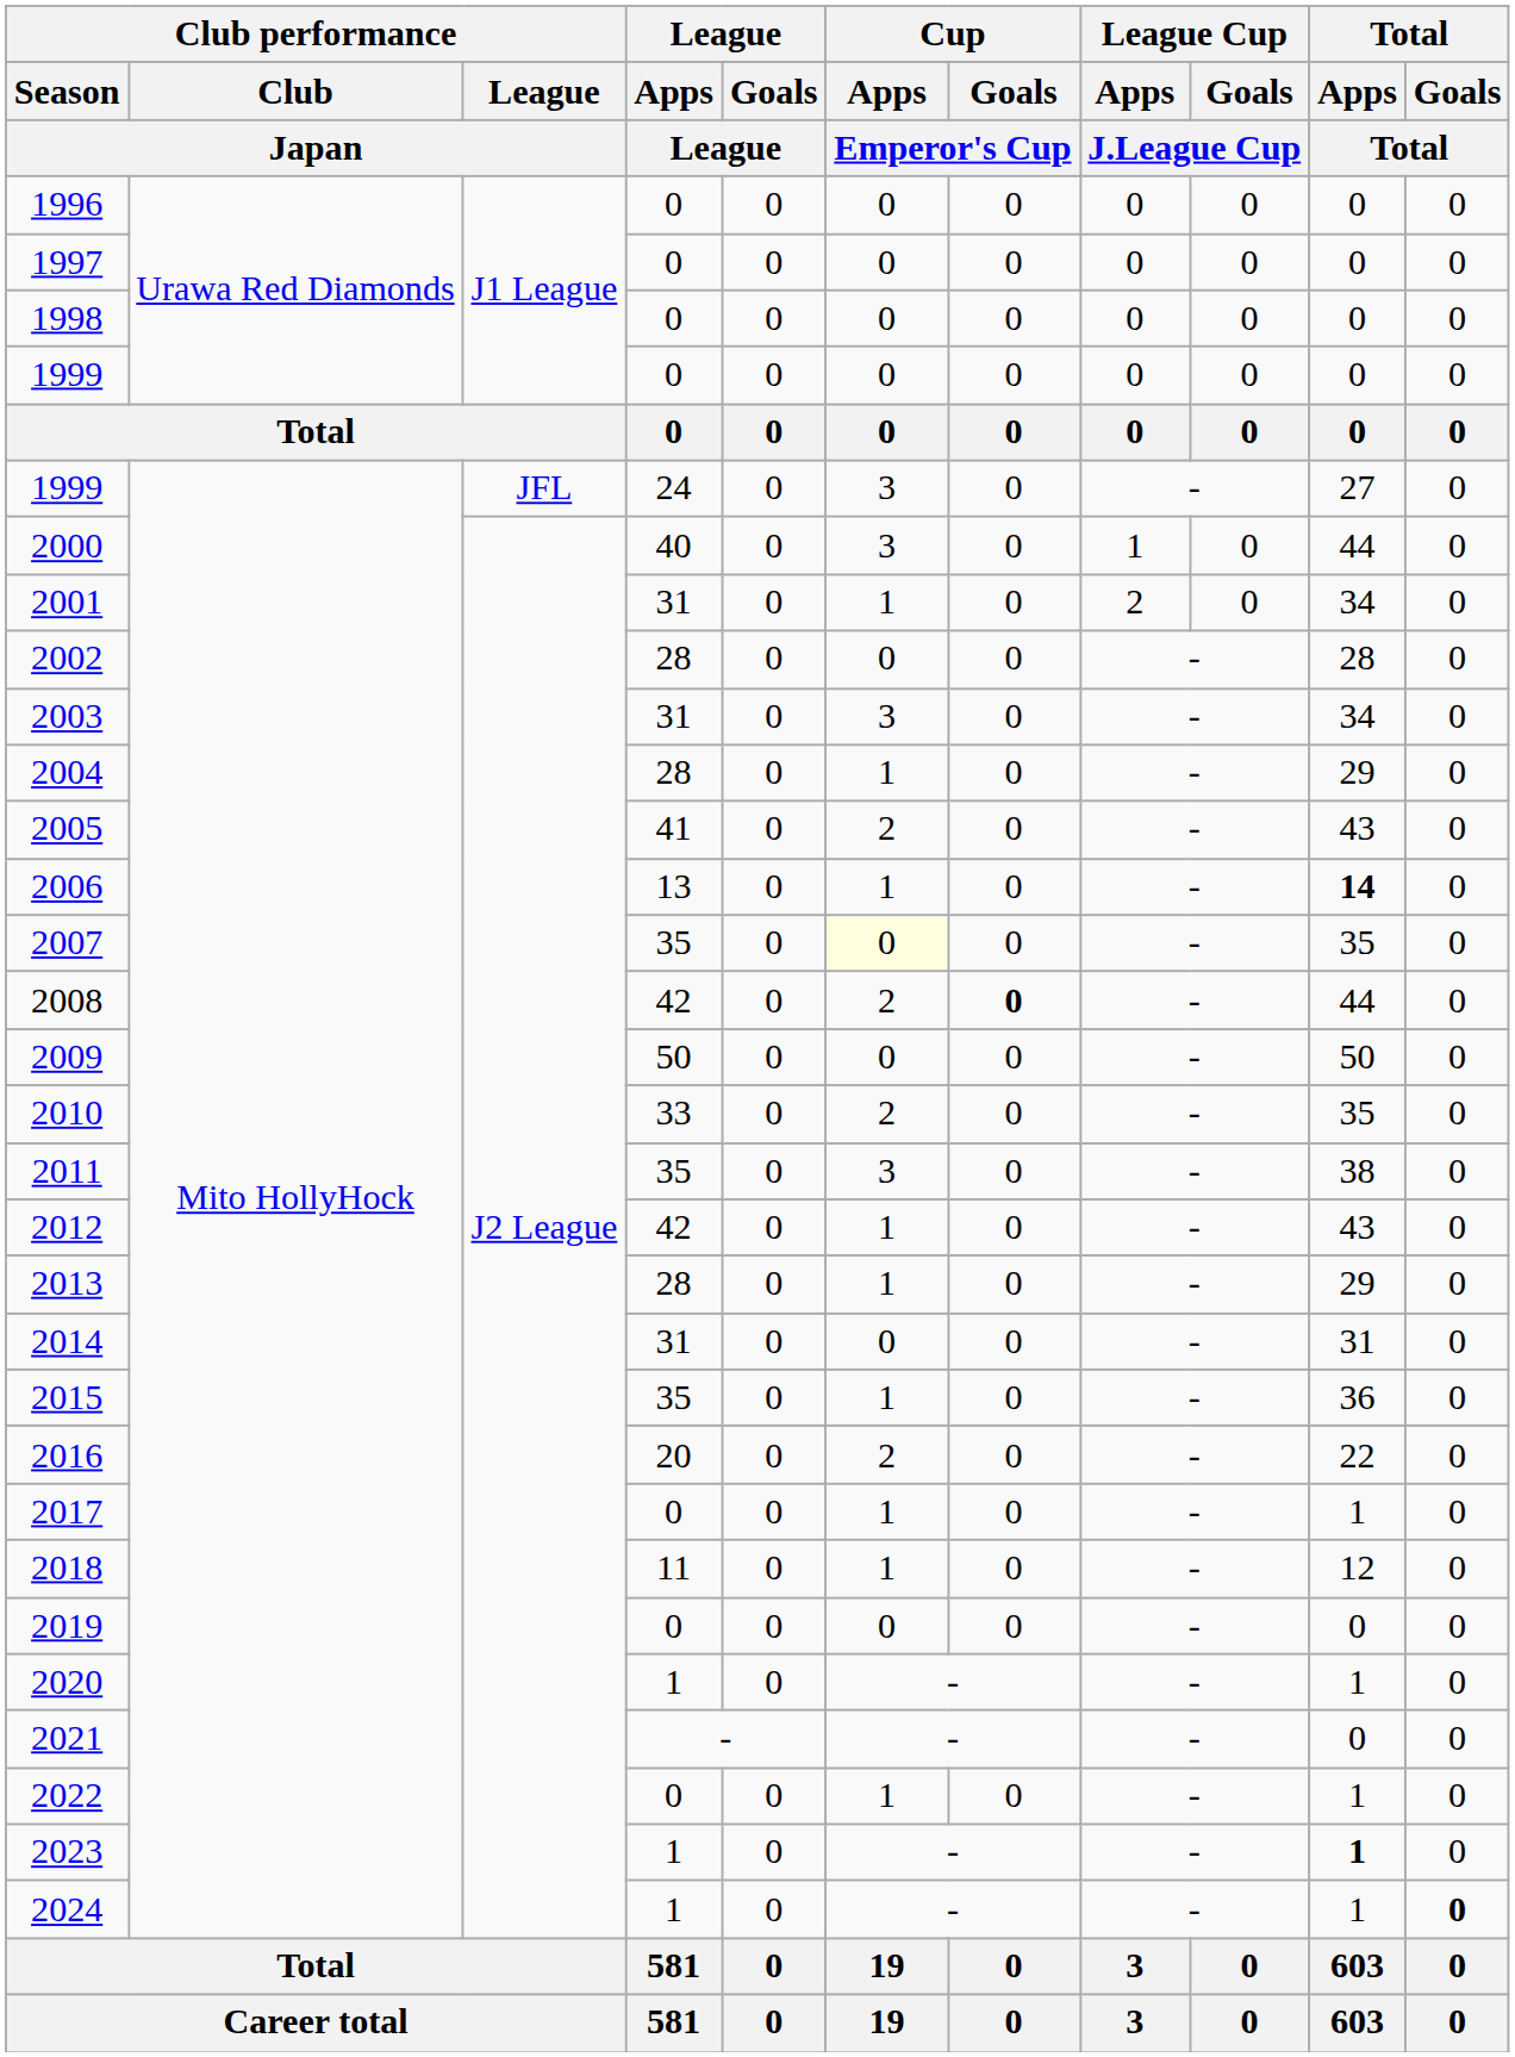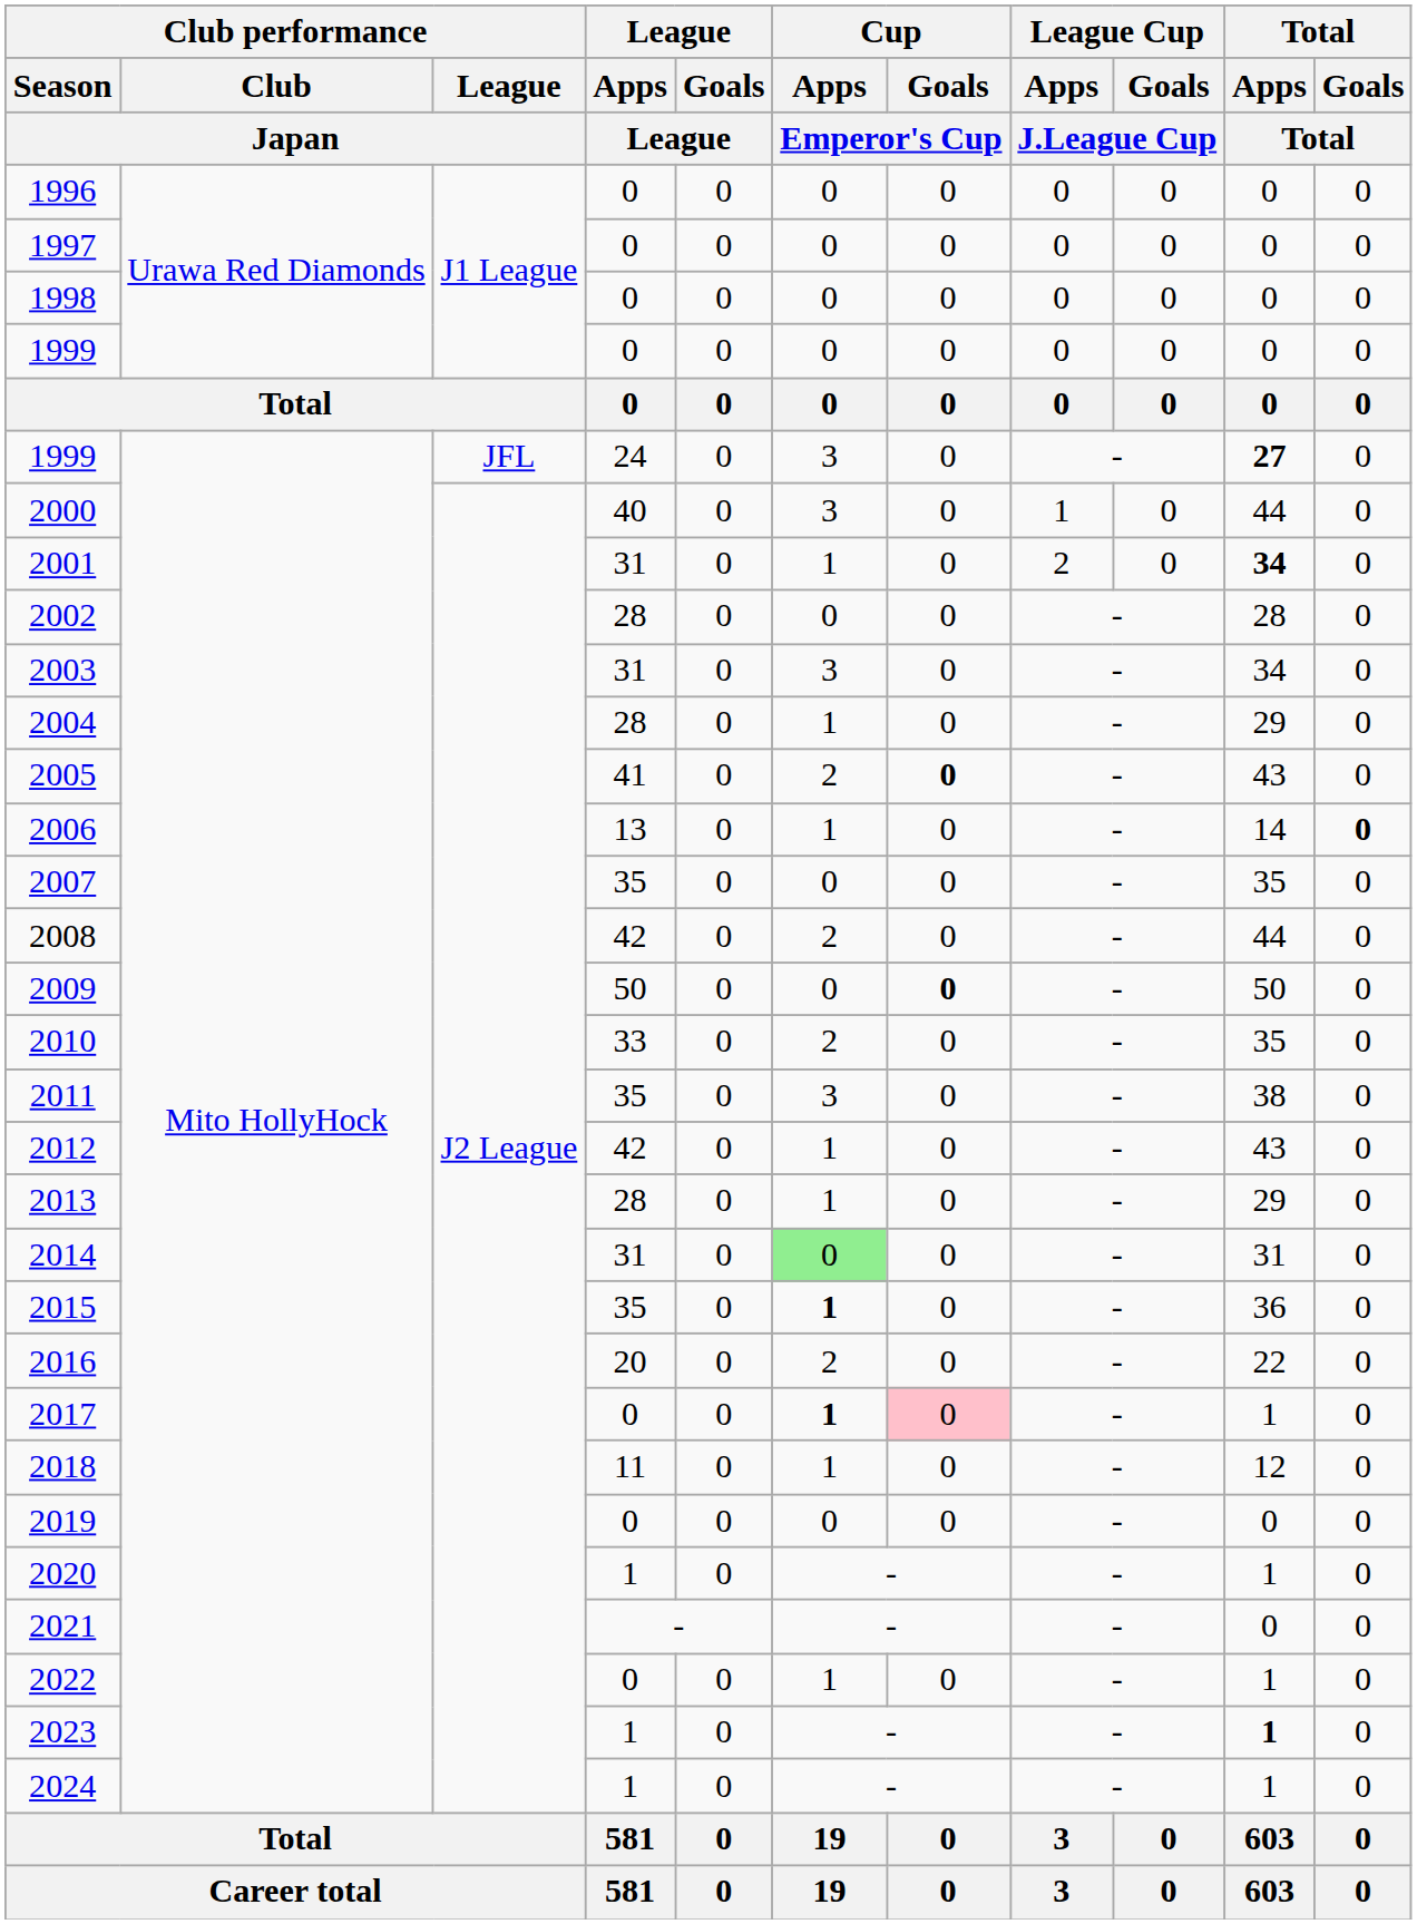 <table class="wikitable" style="text-align:center">
 <tr>
 <th colspan=3>Club performance</th>
 <th colspan=2>League</th>
 <th colspan=2>Cup</th>
 <th colspan=2>League Cup</th>
 <th colspan=2>Total</th>
 </tr>
 <tr>
 <th>Season</th>
 <th>Club</th>
 <th>League</th>
 <th>Apps</th>
 <th>Goals</th>
 <th>Apps</th>
 <th>Goals</th>
 <th>Apps</th>
 <th>Goals</th>
 <th>Apps</th>
 <th>Goals</th>
 </tr>
 <tr>
 <th colspan=3>Japan</th>
 <th colspan=2>League</th>
 <th colspan=2><a href='#'>Emperor's Cup</a></th>
 <th colspan=2><a href='#'>J.League Cup</a></th>
 <th colspan=2>Total</th>
 </tr>
 <tr>
 <td><a href='#'>1996</a></td>
 <td rowspan="4"><a href='#'>Urawa Red Diamonds</a></td>
 <td rowspan="4"><a href='#'>J1 League</a></td>
 <td>0</td>
 <td>0</td>
 <td>0</td>
 <td>0</td>
 <td>0</td>
 <td>0</td>
 <td>0</td>
 <td>0</td>
 </tr>
 <tr>
 <td><a href='#'>1997</a></td>
 <td>0</td>
 <td>0</td>
 <td>0</td>
 <td>0</td>
 <td>0</td>
 <td>0</td>
 <td>0</td>
 <td>0</td>
 </tr>
 <tr>
 <td><a href='#'>1998</a></td>
 <td>0</td>
 <td>0</td>
 <td>0</td>
 <td>0</td>
 <td>0</td>
 <td>0</td>
 <td>0</td>
 <td>0</td>
 </tr>
 <tr>
 <td><a href='#'>1999</a></td>
 <td>0</td>
 <td>0</td>
 <td>0</td>
 <td>0</td>
 <td>0</td>
 <td>0</td>
 <td>0</td>
 <td>0</td>
 </tr>
 <tr>
 <th colspan="3">Total</th>
 <th>0</th>
 <th>0</th>
 <th>0</th>
 <th>0</th>
 <th>0</th>
 <th>0</th>
 <th>0</th>
 <th>0</th>
 </tr>
 <tr>
 <td><a href='#'>1999</a></td>
 <td rowspan="26"><a href='#'>Mito HollyHock</a></td>
 <td><a href='#'>JFL</a></td>
 <td>24</td>
 <td>0</td>
 <td>3</td>
 <td>0</td>
 <td colspan="2">-</td>
-<td>27</td>
+<td><strong>27</strong></td>
 <td>0</td>
 </tr>
 <tr>
 <td><a href='#'>2000</a></td>
 <td rowspan="25"><a href='#'>J2 League</a></td>
 <td>40</td>
 <td>0</td>
 <td>3</td>
 <td>0</td>
 <td>1</td>
 <td>0</td>
 <td>44</td>
 <td>0</td>
 </tr>
 <tr>
 <td><a href='#'>2001</a></td>
 <td>31</td>
 <td>0</td>
 <td>1</td>
 <td>0</td>
 <td>2</td>
 <td>0</td>
-<td>34</td>
+<td><strong>34</strong></td>
 <td>0</td>
 </tr>
 <tr>
 <td><a href='#'>2002</a></td>
 <td>28</td>
 <td>0</td>
 <td>0</td>
 <td>0</td>
 <td colspan="2">-</td>
 <td>28</td>
 <td>0</td>
 </tr>
 <tr>
 <td><a href='#'>2003</a></td>
 <td>31</td>
 <td>0</td>
 <td>3</td>
 <td>0</td>
 <td colspan="2">-</td>
 <td>34</td>
 <td>0</td>
 </tr>
 <tr>
 <td><a href='#'>2004</a></td>
 <td>28</td>
 <td>0</td>
 <td>1</td>
 <td>0</td>
 <td colspan="2">-</td>
 <td>29</td>
 <td>0</td>
 </tr>
 <tr>
 <td><a href='#'>2005</a></td>
 <td>41</td>
 <td>0</td>
 <td>2</td>
-<td>0</td>
+<td><strong>0</strong></td>
 <td colspan="2">-</td>
 <td>43</td>
 <td>0</td>
 </tr>
 <tr>
 <td><a href='#'>2006</a></td>
 <td>13</td>
 <td>0</td>
 <td>1</td>
 <td>0</td>
 <td colspan="2">-</td>
-<td><strong>14</strong></td>
-<td>0</td>
+<td>14</td>
+<td><strong>0</strong></td>
 </tr>
 <tr>
 <td><a href='#'>2007</a></td>
 <td>35</td>
 <td>0</td>
-<td style="background: lightyellow;">0</td>
+<td>0</td>
 <td>0</td>
 <td colspan="2">-</td>
 <td>35</td>
 <td>0</td>
 </tr>
 <tr>
 <td>2008</td>
 <td>42</td>
 <td>0</td>
 <td>2</td>
-<td><strong>0</strong></td>
+<td>0</td>
 <td colspan="2">-</td>
 <td>44</td>
 <td>0</td>
 </tr>
 <tr>
 <td><a href='#'>2009</a></td>
 <td>50</td>
 <td>0</td>
 <td>0</td>
-<td>0</td>
+<td><strong>0</strong></td>
 <td colspan="2">-</td>
 <td>50</td>
 <td>0</td>
 </tr>
 <tr>
 <td><a href='#'>2010</a></td>
 <td>33</td>
 <td>0</td>
 <td>2</td>
 <td>0</td>
 <td colspan="2">-</td>
 <td>35</td>
 <td>0</td>
 </tr>
 <tr>
 <td><a href='#'>2011</a></td>
 <td>35</td>
 <td>0</td>
 <td>3</td>
 <td>0</td>
 <td colspan="2">-</td>
 <td>38</td>
 <td>0</td>
 </tr>
 <tr>
 <td><a href='#'>2012</a></td>
 <td>42</td>
 <td>0</td>
 <td>1</td>
 <td>0</td>
 <td colspan="2">-</td>
 <td>43</td>
 <td>0</td>
 </tr>
 <tr>
 <td><a href='#'>2013</a></td>
 <td>28</td>
 <td>0</td>
 <td>1</td>
 <td>0</td>
 <td colspan="2">-</td>
 <td>29</td>
 <td>0</td>
 </tr>
 <tr>
 <td><a href='#'>2014</a></td>
 <td>31</td>
 <td>0</td>
-<td>0</td>
+<td style="background: lightgreen;">0</td>
 <td>0</td>
 <td colspan="2">-</td>
 <td>31</td>
 <td>0</td>
 </tr>
 <tr>
 <td><a href='#'>2015</a></td>
 <td>35</td>
 <td>0</td>
-<td>1</td>
+<td><strong>1</strong></td>
 <td>0</td>
 <td colspan="2">-</td>
 <td>36</td>
 <td>0</td>
 </tr>
 <tr>
 <td><a href='#'>2016</a></td>
 <td>20</td>
 <td>0</td>
 <td>2</td>
 <td>0</td>
 <td colspan="2">-</td>
 <td>22</td>
 <td>0</td>
 </tr>
 <tr>
 <td><a href='#'>2017</a></td>
 <td>0</td>
 <td>0</td>
-<td>1</td>
-<td>0</td>
+<td><strong>1</strong></td>
+<td style="background: pink;">0</td>
 <td colspan="2">-</td>
 <td>1</td>
 <td>0</td>
 </tr>
 <tr>
 <td><a href='#'>2018</a></td>
 <td>11</td>
 <td>0</td>
 <td>1</td>
 <td>0</td>
 <td colspan="2">-</td>
 <td>12</td>
 <td>0</td>
 </tr>
 <tr>
 <td><a href='#'>2019</a></td>
 <td>0</td>
 <td>0</td>
 <td>0</td>
 <td>0</td>
 <td colspan="2">-</td>
 <td>0</td>
 <td>0</td>
 </tr>
 <tr>
 <td><a href='#'>2020</a></td>
 <td>1</td>
 <td>0</td>
 <td colspan="2">-</td>
 <td colspan="2">-</td>
 <td>1</td>
 <td>0</td>
 </tr>
 <tr>
 <td><a href='#'>2021</a></td>
 <td colspan="2">-</td>
 <td colspan="2">-</td>
 <td colspan="2">-</td>
 <td>0</td>
 <td>0</td>
 </tr>
 <tr>
 <td><a href='#'>2022</a></td>
 <td>0</td>
 <td>0</td>
 <td>1</td>
 <td>0</td>
 <td colspan="2">-</td>
 <td>1</td>
 <td>0</td>
 </tr>
 <tr>
 <td><a href='#'>2023</a></td>
 <td>1</td>
 <td>0</td>
 <td colspan="2">-</td>
 <td colspan="2">-</td>
 <td><strong>1</strong></td>
 <td>0</td>
 </tr>
 <tr>
 <td><a href='#'>2024</a></td>
 <td>1</td>
 <td>0</td>
 <td colspan="2">-</td>
 <td colspan="2">-</td>
 <td>1</td>
-<td><strong>0</strong></td>
+<td>0</td>
 </tr>
 <tr>
 <th colspan="3">Total</th>
 <th>581</th>
 <th>0</th>
 <th>19</th>
 <th>0</th>
 <th>3</th>
 <th>0</th>
 <th>603</th>
 <th>0</th>
 </tr>
 <tr>
 <th colspan=3>Career total</th>
 <th>581</th>
 <th>0</th>
 <th>19</th>
 <th>0</th>
 <th>3</th>
 <th>0</th>
 <th>603</th>
 <th>0</th>
 </tr>
 </table>
